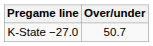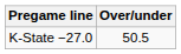 <table class="wikitable" style="margin-left: auto; margin-right: auto; border: none; display: inline-table;">
 <tr align="center">
 <th style=>Pregame line</th>
 <th style=>Over/under</th>
 </tr>
 <tr align="center">
 <td>K-State −27.0</td>
-<td>50.7</td>
+<td>50.5</td>
 </tr>
 </table>
